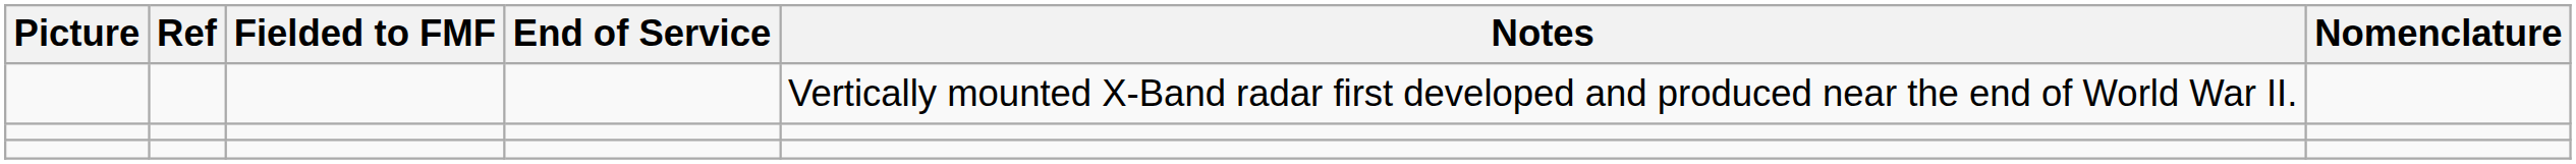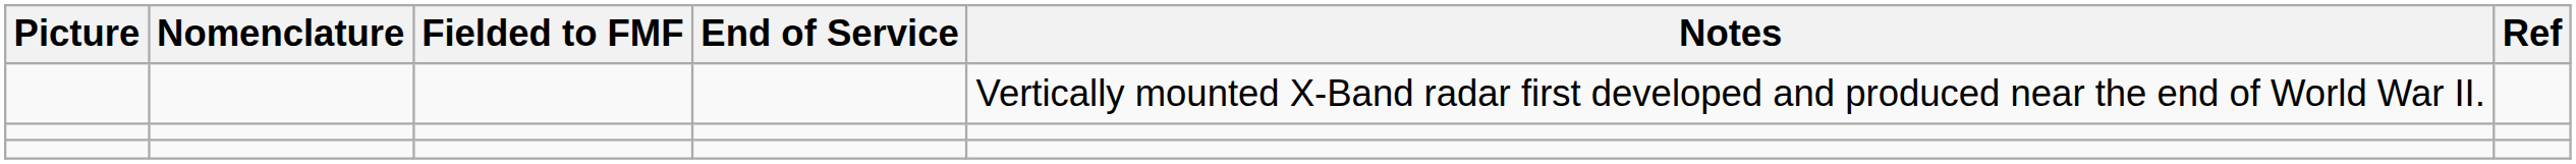 <table class="wikitable sortable">
 <tr>
 <th class="unsortable">Picture</th>
-<th class="unsortable">Ref</th>
+<th class="unsortable">Nomenclature</th>
 <th class="unsortable">Fielded to FMF</th>
 <th class="unsortable">End of Service</th>
 <th class="unsortable">Notes</th>
-<th class="unsortable">Nomenclature</th>
+<th class="unsortable">Ref</th>
 </tr>
 <tr>
 <td></td>
 <td></td>
 <td></td>
 <td></td>
 <td>Vertically mounted X-Band radar first developed and produced near the end of World War II.</td>
 <td></td>
 </tr>
 <tr>
 <td></td>
 <td></td>
 <td></td>
 <td></td>
 <td></td>
 <td></td>
 </tr>
 <tr>
 <td></td>
 <td></td>
 <td></td>
 <td></td>
 <td></td>
 <td></td>
 </tr>
 </table>
